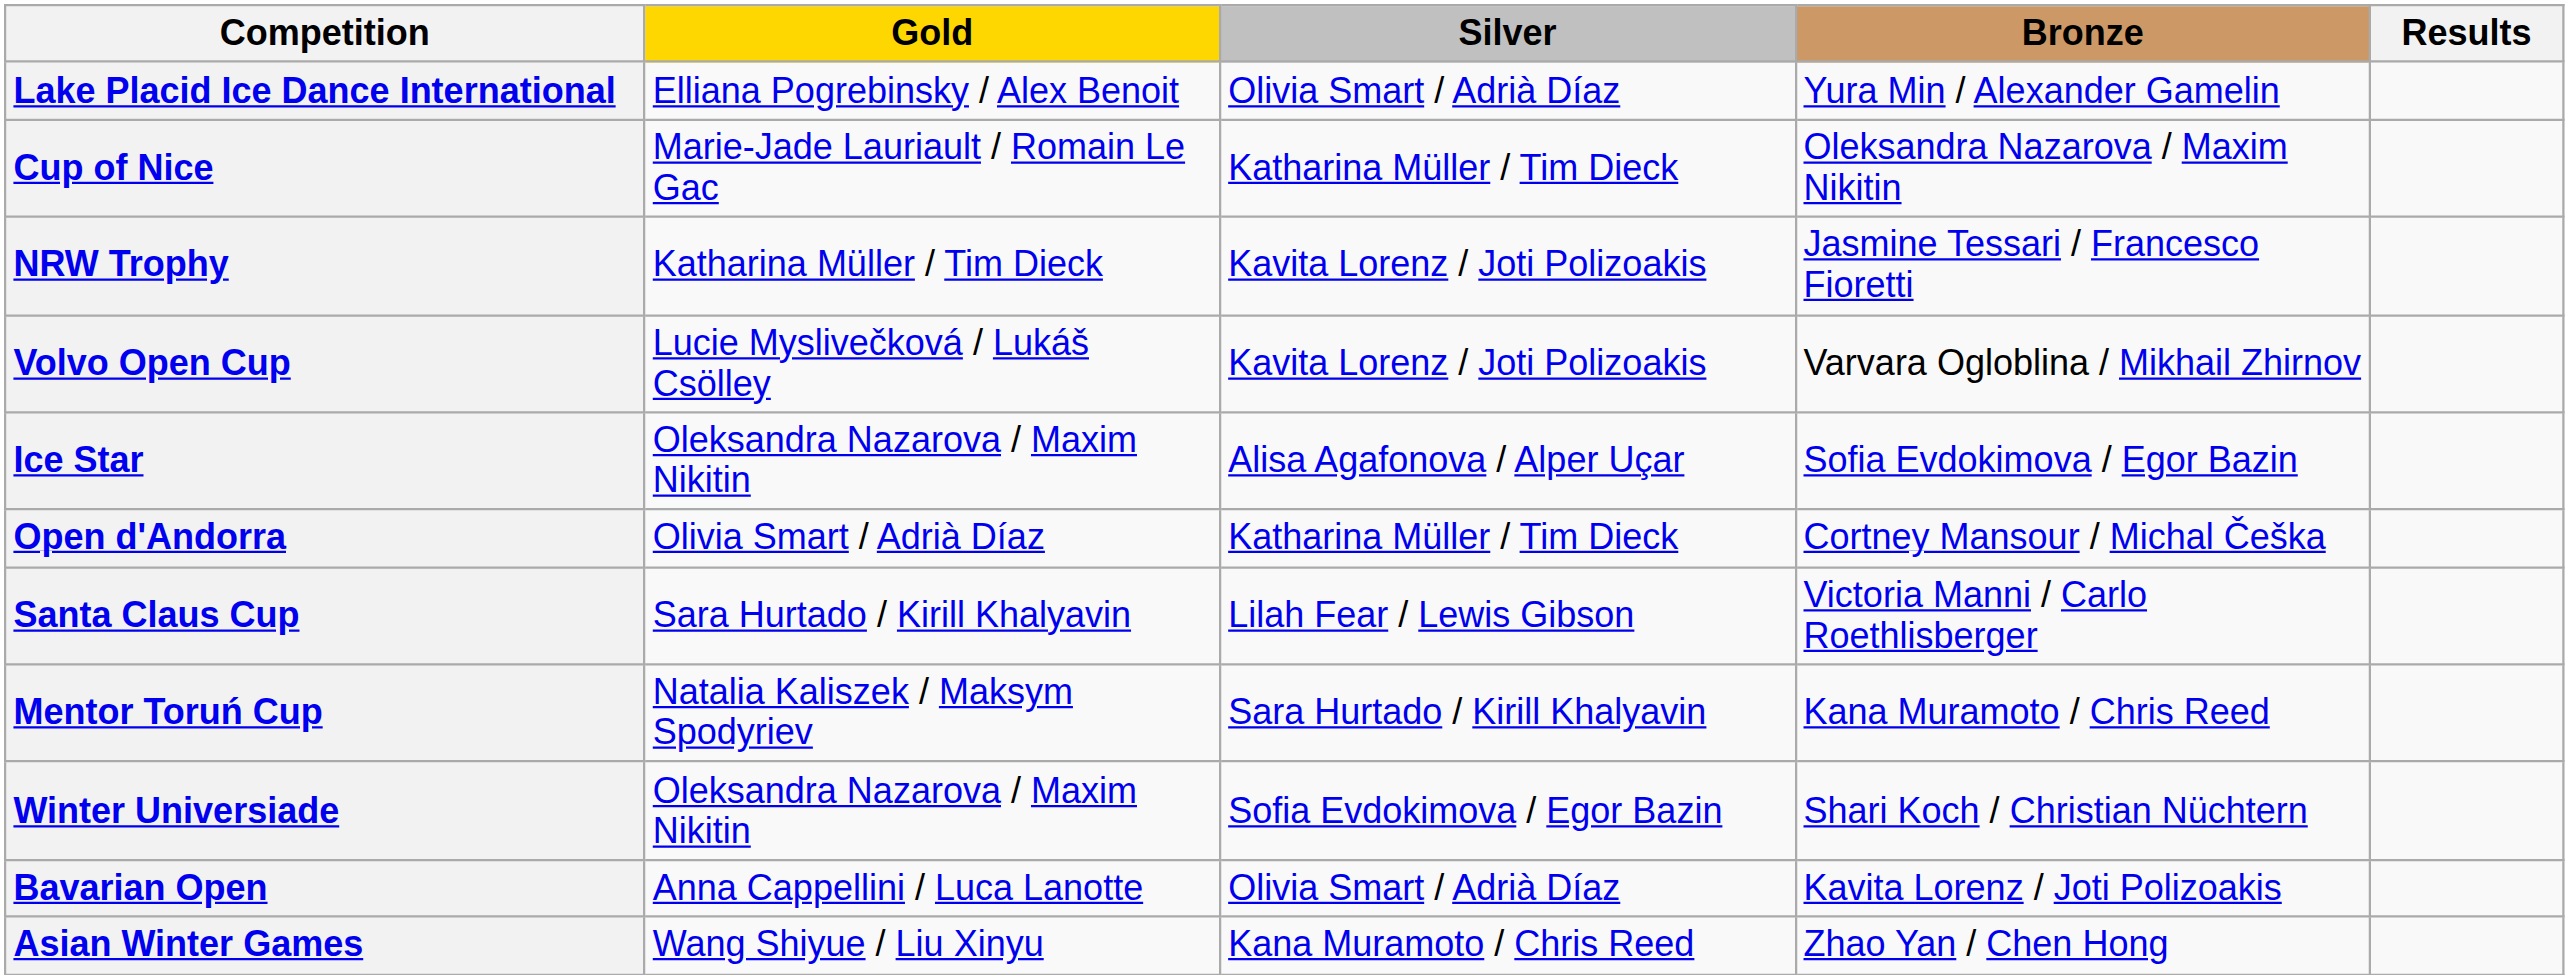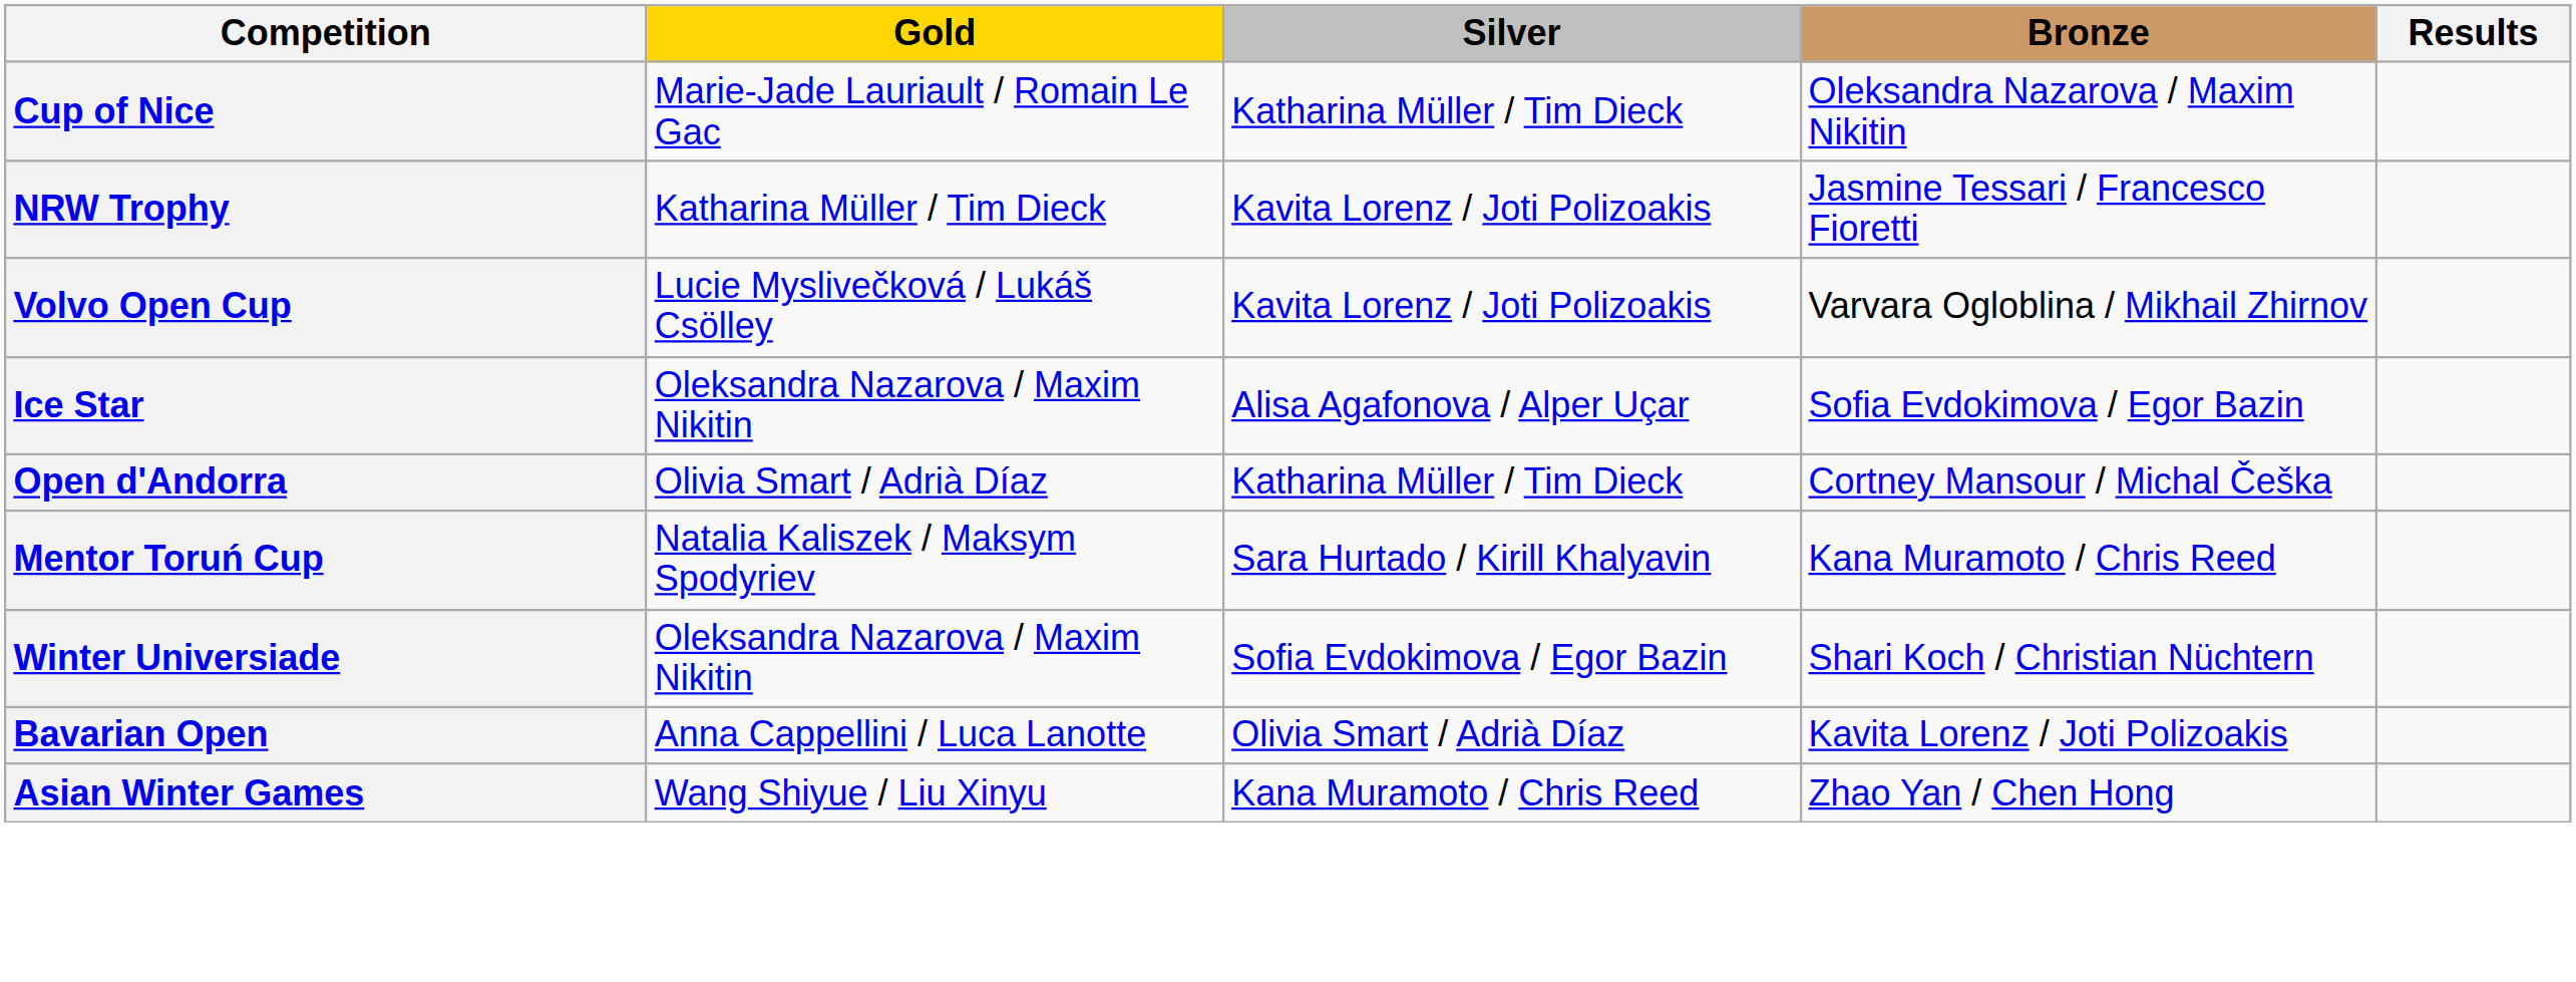 <table class="wikitable unsortable" style="text-align:left; width:90%;">
 <tr>
 <th scope="col" style="text-align:center; width:25%;">Competition</th>
 <td scope="col" style="text-align:center; width:22.5%; background:gold"><strong>Gold</strong></td>
 <td scope="col" style="text-align:center; width:22.5%; background:silver"><strong>Silver</strong></td>
 <td scope="col" style="text-align:center; width:22.5%; background:#c96"><strong>Bronze</strong></td>
 <th scope="col" style="text-align:center; width:7.5%;">Results</th>
-</tr>
-<tr>
-<th scope="row" style="text-align:left"> <a href='#'>Lake Placid Ice Dance International</a></th>
-<td> <a href='#'>Elliana Pogrebinsky</a> / <a href='#'>Alex Benoit</a></td>
-<td> <a href='#'>Olivia Smart</a> / <a href='#'>Adrià Díaz</a></td>
-<td> <a href='#'>Yura Min</a> / <a href='#'>Alexander Gamelin</a></td>
-<td></td>
 </tr>
 <tr>
 <th scope="row" style="text-align:left"> <a href='#'>Cup of Nice</a></th>
 <td> <a href='#'>Marie-Jade Lauriault</a> / <a href='#'>Romain Le Gac</a></td>
 <td> <a href='#'>Katharina Müller</a> / <a href='#'>Tim Dieck</a></td>
 <td> <a href='#'>Oleksandra Nazarova</a> / <a href='#'>Maxim Nikitin</a></td>
 <td></td>
 </tr>
 <tr>
 <th scope="row" style="text-align:left"> <a href='#'>NRW Trophy</a></th>
 <td> <a href='#'>Katharina Müller</a> / <a href='#'>Tim Dieck</a></td>
 <td> <a href='#'>Kavita Lorenz</a> / <a href='#'>Joti Polizoakis</a></td>
 <td> <a href='#'>Jasmine Tessari</a> / <a href='#'>Francesco Fioretti</a></td>
 <td></td>
 </tr>
 <tr>
 <th scope="row" style="text-align:left"> <a href='#'>Volvo Open Cup</a></th>
 <td> <a href='#'>Lucie Myslivečková</a> / <a href='#'>Lukáš Csölley</a></td>
 <td> <a href='#'>Kavita Lorenz</a> / <a href='#'>Joti Polizoakis</a></td>
 <td> Varvara Ogloblina / <a href='#'>Mikhail Zhirnov</a></td>
 <td></td>
 </tr>
 <tr>
 <th scope="row" style="text-align:left"> <a href='#'>Ice Star</a></th>
 <td> <a href='#'>Oleksandra Nazarova</a> / <a href='#'>Maxim Nikitin</a></td>
 <td> <a href='#'>Alisa Agafonova</a> / <a href='#'>Alper Uçar</a></td>
 <td> <a href='#'>Sofia Evdokimova</a> / <a href='#'>Egor Bazin</a></td>
 <td></td>
 </tr>
 <tr>
 <th scope="row" style="text-align:left"> <a href='#'>Open d'Andorra</a></th>
 <td> <a href='#'>Olivia Smart</a> / <a href='#'>Adrià Díaz</a></td>
 <td> <a href='#'>Katharina Müller</a> / <a href='#'>Tim Dieck</a></td>
 <td> <a href='#'>Cortney Mansour</a> / <a href='#'>Michal Češka</a></td>
 <td></td>
 </tr>
 <tr>
-<th scope="row" style="text-align:left"> <a href='#'>Santa Claus Cup</a></th>
-<td> <a href='#'>Sara Hurtado</a> / <a href='#'>Kirill Khalyavin</a></td>
-<td> <a href='#'>Lilah Fear</a> / <a href='#'>Lewis Gibson</a></td>
-<td> <a href='#'>Victoria Manni</a> / <a href='#'>Carlo Roethlisberger</a></td>
-<td></td>
-</tr>
-<tr>
 <th scope="row" style="text-align:left"> <a href='#'>Mentor Toruń Cup</a></th>
 <td> <a href='#'>Natalia Kaliszek</a> / <a href='#'>Maksym Spodyriev</a></td>
 <td> <a href='#'>Sara Hurtado</a> / <a href='#'>Kirill Khalyavin</a></td>
 <td> <a href='#'>Kana Muramoto</a> / <a href='#'>Chris Reed</a></td>
 <td></td>
 </tr>
 <tr>
 <th scope="row" style="text-align:left"> <a href='#'>Winter Universiade</a></th>
 <td> <a href='#'>Oleksandra Nazarova</a> / <a href='#'>Maxim Nikitin</a></td>
 <td> <a href='#'>Sofia Evdokimova</a> / <a href='#'>Egor Bazin</a></td>
 <td> <a href='#'>Shari Koch</a> / <a href='#'>Christian Nüchtern</a></td>
 <td></td>
 </tr>
 <tr>
 <th scope="row" style="text-align:left"> <a href='#'>Bavarian Open</a></th>
 <td> <a href='#'>Anna Cappellini</a> / <a href='#'>Luca Lanotte</a></td>
 <td> <a href='#'>Olivia Smart</a> / <a href='#'>Adrià Díaz</a></td>
 <td> <a href='#'>Kavita Lorenz</a> / <a href='#'>Joti Polizoakis</a></td>
 <td></td>
 </tr>
 <tr>
 <th scope="row" style="text-align:left"> <a href='#'>Asian Winter Games</a></th>
 <td> <a href='#'>Wang Shiyue</a> / <a href='#'>Liu Xinyu</a></td>
 <td> <a href='#'>Kana Muramoto</a> / <a href='#'>Chris Reed</a></td>
 <td> <a href='#'>Zhao Yan</a> / <a href='#'>Chen Hong</a></td>
 <td></td>
 </tr>
 </table>
